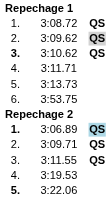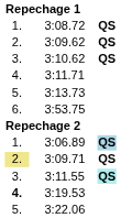 <table style="text-align:center">
 <tr>
 <td colspan=4 align=left><strong>Repechage 1</strong></td>
 </tr>
 <tr>
 <td width=30>1.</td>
 <td align=left></td>
 <td width=80>3:08.72</td>
 <td><strong>QS</strong></td>
 </tr>
 <tr>
 <td>2.</td>
 <td align=left></td>
 <td>3:09.62</td>
-<td style="background: lightgrey;"><strong>QS</strong></td>
+<td><strong>QS</strong></td>
 </tr>
 <tr>
-<td><strong>3.</strong></td>
+<td>3.</td>
 <td align=left></td>
 <td>3:10.62</td>
 <td><strong>QS</strong></td>
 </tr>
 <tr>
 <td>4.</td>
 <td align=left></td>
 <td>3:11.71</td>
 <td></td>
 </tr>
 <tr>
 <td>5.</td>
 <td align=left></td>
 <td>3:13.73</td>
 <td></td>
 </tr>
 <tr>
 <td>6.</td>
 <td align=left></td>
 <td>3:53.75</td>
 <td></td>
 </tr>
 <tr>
 <td colspan=4 align=left><strong>Repechage 2</strong></td>
 </tr>
 <tr>
-<td><strong>1.</strong></td>
+<td>1.</td>
 <td align=left></td>
 <td>3:06.89</td>
 <td style="background: lightblue;"><strong>QS</strong></td>
 </tr>
 <tr>
-<td>2.</td>
+<td style="background: khaki;">2.</td>
 <td align=left></td>
 <td>3:09.71</td>
 <td><strong>QS</strong></td>
 </tr>
 <tr>
 <td>3.</td>
 <td align=left></td>
 <td>3:11.55</td>
-<td><strong>QS</strong></td>
+<td style="background: paleturquoise;"><strong>QS</strong></td>
 </tr>
 <tr>
-<td>4.</td>
+<td><strong>4.</strong></td>
 <td align=left></td>
 <td>3:19.53</td>
 <td></td>
 </tr>
 <tr>
-<td><strong>5.</strong></td>
+<td>5.</td>
 <td align=left></td>
 <td>3:22.06</td>
 <td></td>
 </tr>
 </table>
